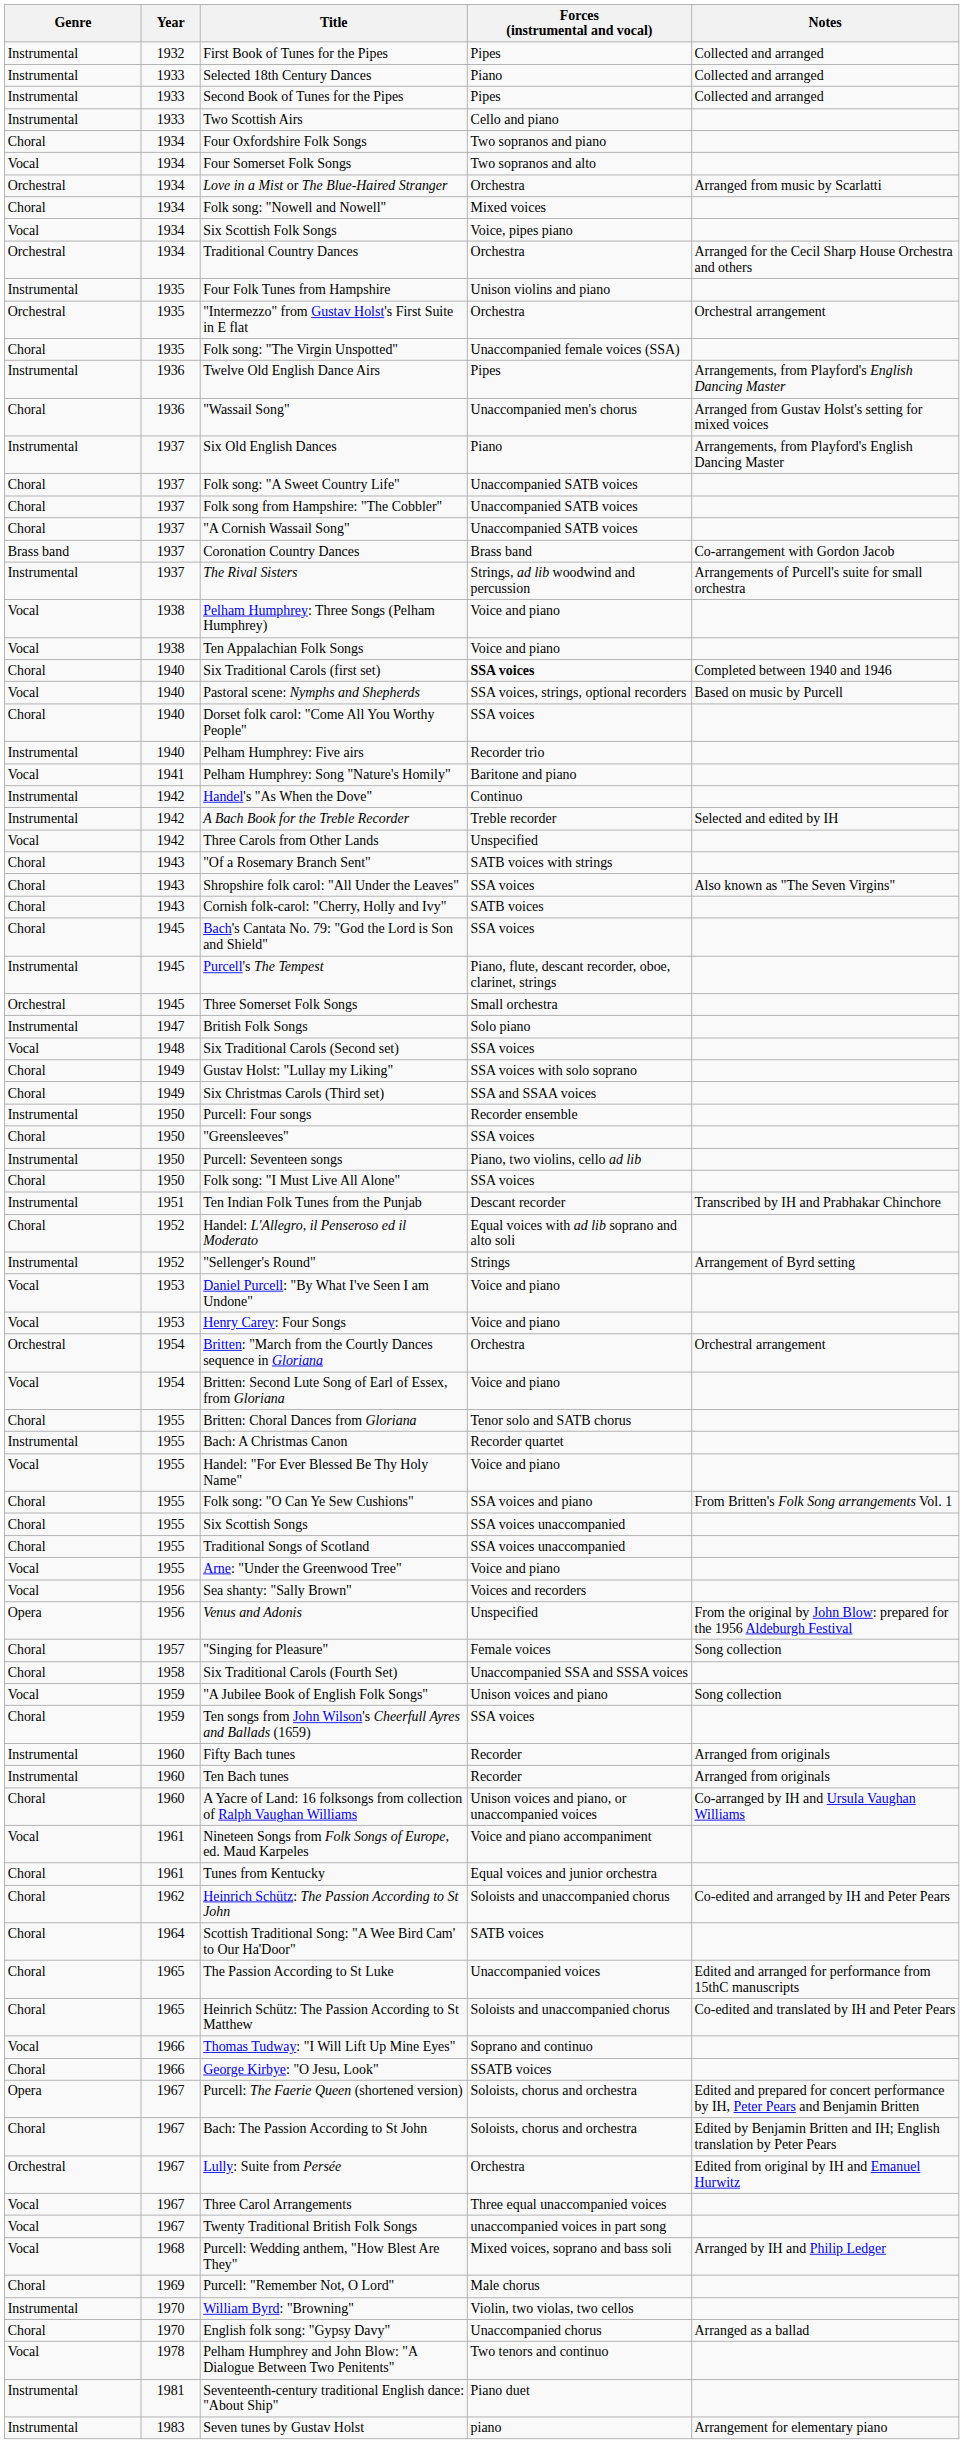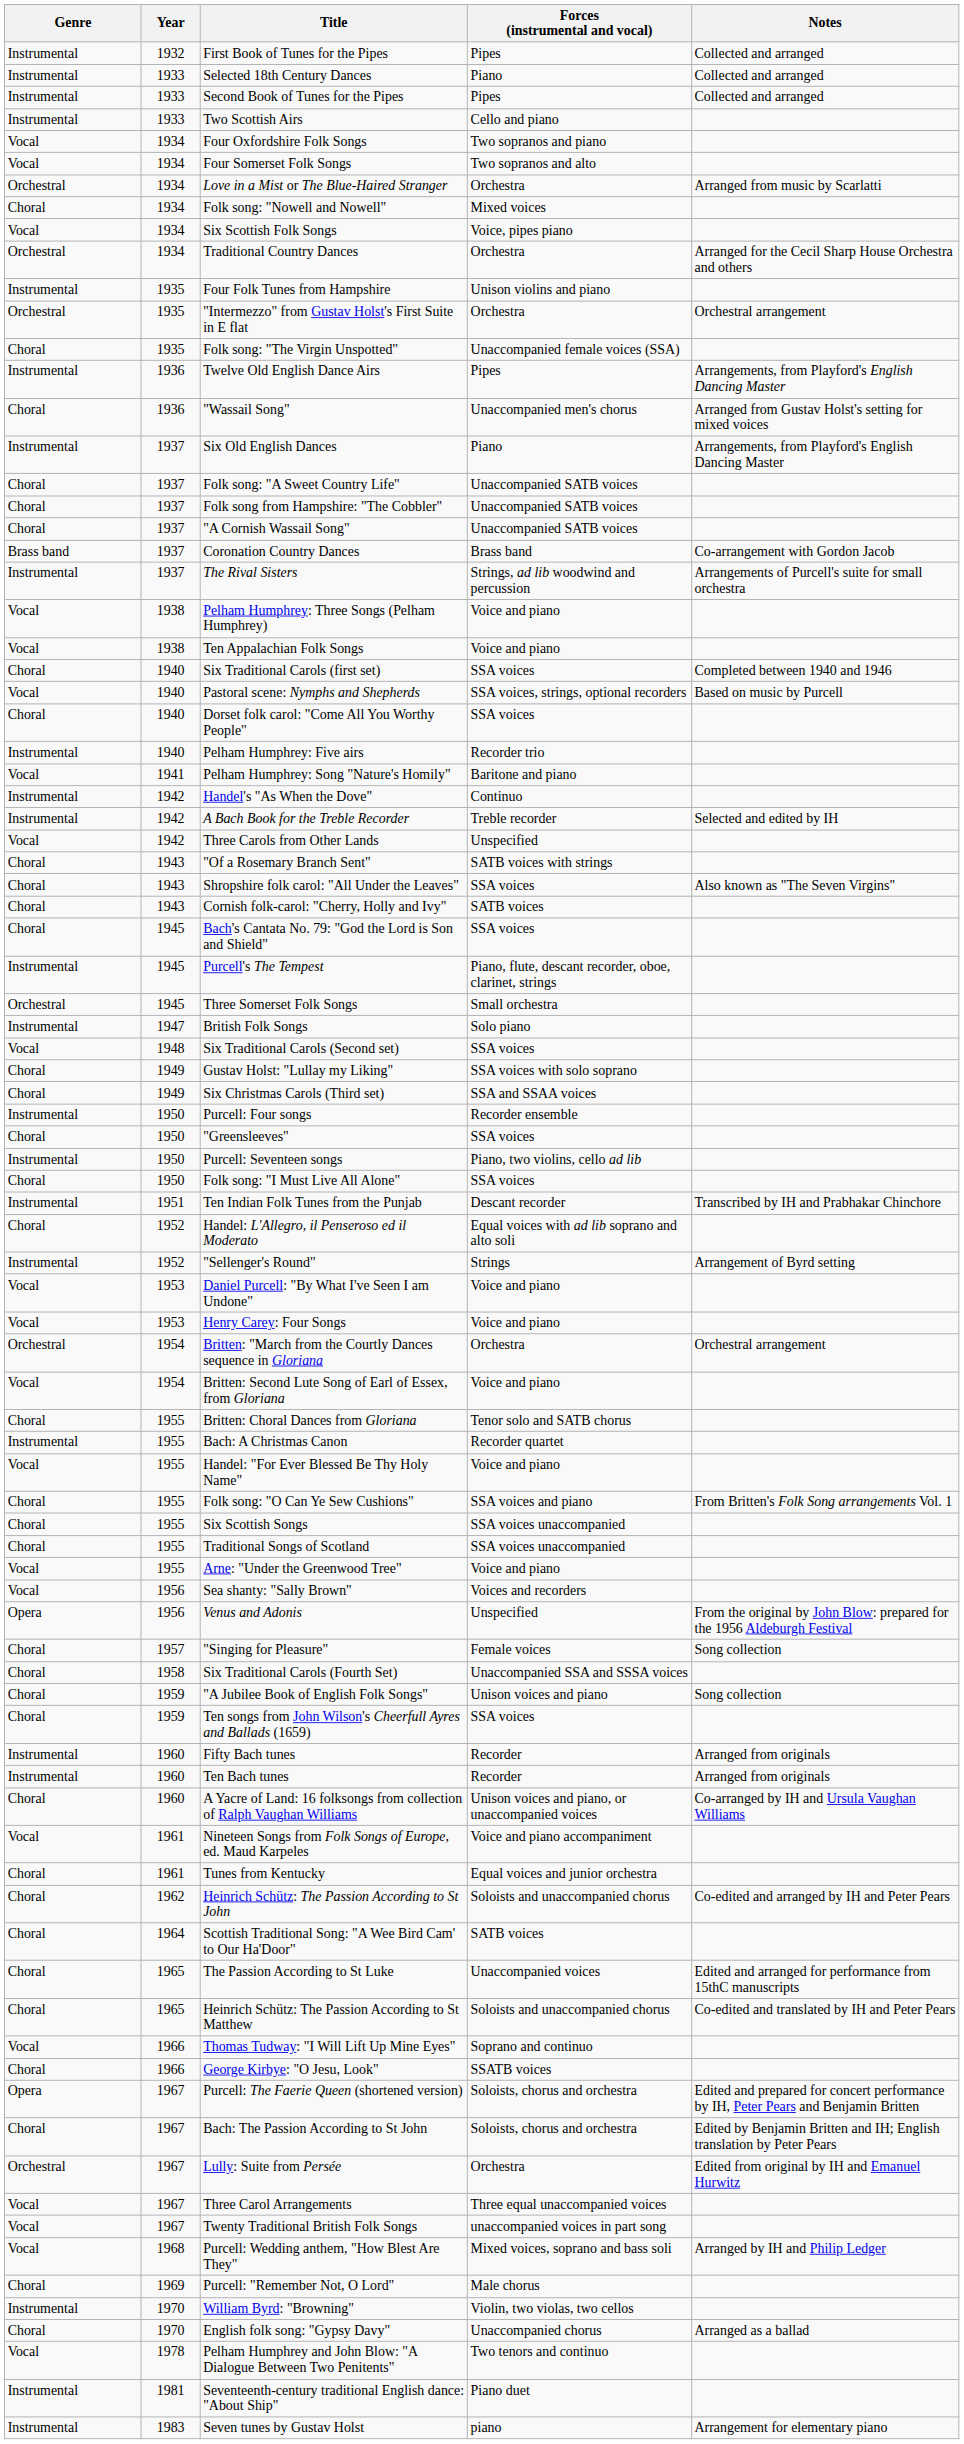 <table class="sortable wikitable" style="margins:auto; width=95%;">
 <tr>
 <th width="150">Genre</th>
 <th width="60">Year</th>
 <th width="300">Title</th>
 <th width="250">Forces<br>(instrumental and vocal)</th>
 <th width="300">Notes</th>
 </tr>
 <tr valign="top">
 <td>Instrumental</td>
 <td align=center>1932</td>
 <td>First Book of Tunes for the Pipes</td>
 <td>Pipes</td>
 <td>Collected and arranged</td>
 </tr>
 <tr valign="top">
 <td>Instrumental</td>
 <td align=center>1933</td>
 <td>Selected 18th Century Dances</td>
 <td>Piano</td>
 <td>Collected and arranged</td>
 </tr>
 <tr valign="top">
 <td>Instrumental</td>
 <td align=center>1933</td>
 <td>Second Book of Tunes for the Pipes</td>
 <td>Pipes</td>
 <td>Collected and arranged</td>
 </tr>
 <tr valign="top">
 <td>Instrumental</td>
 <td align=center>1933</td>
 <td>Two Scottish Airs</td>
 <td>Cello and piano</td>
 <td></td>
 </tr>
 <tr valign="top">
-<td>Choral</td>
+<td>Vocal</td>
 <td align=center>1934</td>
 <td>Four Oxfordshire Folk Songs</td>
 <td>Two sopranos and piano</td>
 <td></td>
 </tr>
 <tr valign="top">
 <td>Vocal</td>
 <td align=center>1934</td>
 <td>Four Somerset Folk Songs</td>
 <td>Two sopranos and alto</td>
 <td></td>
 </tr>
 <tr valign="top">
 <td>Orchestral</td>
 <td align=center>1934</td>
 <td><em>Love in a Mist</em> or <em>The Blue-Haired Stranger</em></td>
 <td>Orchestra</td>
 <td>Arranged from music by Scarlatti</td>
 </tr>
 <tr valign="top">
 <td>Choral</td>
 <td align=center>1934</td>
 <td>Folk song: "Nowell and Nowell"</td>
 <td>Mixed voices</td>
 <td></td>
 </tr>
 <tr valign="top">
 <td>Vocal</td>
 <td align=center>1934</td>
 <td>Six Scottish Folk Songs</td>
 <td>Voice, pipes piano</td>
 <td></td>
 </tr>
 <tr valign="top">
 <td>Orchestral</td>
 <td align=center>1934</td>
 <td>Traditional Country Dances</td>
 <td>Orchestra</td>
 <td>Arranged for the Cecil Sharp House Orchestra and others</td>
 </tr>
 <tr valign="top">
 <td>Instrumental</td>
 <td align=center>1935</td>
 <td>Four Folk Tunes from Hampshire</td>
 <td>Unison violins and piano</td>
 <td></td>
 </tr>
 <tr valign="top">
 <td>Orchestral</td>
 <td align=center>1935</td>
 <td>"Intermezzo" from <a href='#'>Gustav Holst</a>'s First Suite in E flat</td>
 <td>Orchestra</td>
 <td>Orchestral arrangement</td>
 </tr>
 <tr valign="top">
 <td>Choral</td>
 <td align=center>1935</td>
 <td>Folk song: "The Virgin Unspotted"</td>
 <td>Unaccompanied female voices (SSA)</td>
 <td></td>
 </tr>
 <tr valign="top">
 <td>Instrumental</td>
 <td align=center>1936</td>
 <td>Twelve Old English Dance Airs</td>
 <td>Pipes</td>
 <td>Arrangements, from Playford's <em>English Dancing Master</em></td>
 </tr>
 <tr valign="top">
 <td>Choral</td>
 <td align=center>1936</td>
 <td>"Wassail Song"</td>
 <td>Unaccompanied men's chorus</td>
 <td>Arranged from Gustav Holst's setting for mixed voices</td>
 </tr>
 <tr valign="top">
 <td>Instrumental</td>
 <td align=center>1937</td>
 <td>Six Old English Dances</td>
 <td>Piano</td>
 <td>Arrangements, from Playford's English Dancing Master</td>
 </tr>
 <tr valign="top">
 <td>Choral</td>
 <td align=center>1937</td>
 <td>Folk song: "A Sweet Country Life"</td>
 <td>Unaccompanied SATB voices</td>
 <td></td>
 </tr>
 <tr valign="top">
 <td>Choral</td>
 <td align=center>1937</td>
 <td>Folk song from Hampshire: "The Cobbler"</td>
 <td>Unaccompanied SATB voices</td>
 <td></td>
 </tr>
 <tr valign="top">
 <td>Choral</td>
 <td align=center>1937</td>
 <td>"A Cornish Wassail Song"</td>
 <td>Unaccompanied SATB voices</td>
 <td></td>
 </tr>
 <tr valign="top">
 <td>Brass band</td>
 <td align=center>1937</td>
 <td>Coronation Country Dances</td>
 <td>Brass band</td>
 <td>Co-arrangement with Gordon Jacob</td>
 </tr>
 <tr valign="top">
 <td>Instrumental</td>
 <td align=center>1937</td>
 <td><em>The Rival Sisters</em></td>
 <td>Strings, <em>ad lib</em> woodwind and percussion</td>
 <td>Arrangements of Purcell's suite for small orchestra</td>
 </tr>
 <tr valign="top">
 <td>Vocal</td>
 <td align=center>1938</td>
 <td><a href='#'>Pelham Humphrey</a>: Three Songs (Pelham Humphrey)</td>
 <td>Voice and piano</td>
 <td></td>
 </tr>
 <tr valign="top">
 <td>Vocal</td>
 <td align=center>1938</td>
 <td>Ten Appalachian Folk Songs</td>
 <td>Voice and piano</td>
 <td></td>
 </tr>
 <tr valign="top">
 <td>Choral</td>
 <td align=center>1940</td>
 <td>Six Traditional Carols (first set)</td>
-<td><strong>SSA voices</strong></td>
+<td>SSA voices</td>
 <td>Completed between 1940 and 1946</td>
 </tr>
 <tr valign="top">
 <td>Vocal</td>
 <td align=center>1940</td>
 <td>Pastoral scene: <em>Nymphs and Shepherds</em></td>
 <td>SSA voices, strings, optional recorders</td>
 <td>Based on music by Purcell</td>
 </tr>
 <tr valign="top">
 <td>Choral</td>
 <td align=center>1940</td>
 <td>Dorset folk carol: "Come All You Worthy People"</td>
 <td>SSA voices</td>
 <td></td>
 </tr>
 <tr valign="top">
 <td>Instrumental</td>
 <td align=center>1940</td>
 <td>Pelham Humphrey: Five airs</td>
 <td>Recorder trio</td>
 <td></td>
 </tr>
 <tr valign="top">
 <td>Vocal</td>
 <td align=center>1941</td>
 <td>Pelham Humphrey: Song "Nature's Homily"</td>
 <td>Baritone and piano</td>
 <td></td>
 </tr>
 <tr valign="top">
 <td>Instrumental</td>
 <td align=center>1942</td>
 <td><a href='#'>Handel</a>'s "As When the Dove"</td>
 <td>Continuo</td>
 <td></td>
 </tr>
 <tr valign="top">
 <td>Instrumental</td>
 <td align=center>1942</td>
 <td><em>A Bach Book for the Treble Recorder</em></td>
 <td>Treble recorder</td>
 <td>Selected and edited by IH</td>
 </tr>
 <tr valign="top">
 <td>Vocal</td>
 <td align=center>1942</td>
 <td>Three Carols from Other Lands</td>
 <td>Unspecified</td>
 <td></td>
 </tr>
 <tr valign="top">
 <td>Choral</td>
 <td align=center>1943</td>
 <td>"Of a Rosemary Branch Sent"</td>
 <td>SATB voices with strings</td>
 <td></td>
 </tr>
 <tr valign="top">
 <td>Choral</td>
 <td align=center>1943</td>
 <td>Shropshire folk carol: "All Under the Leaves"</td>
 <td>SSA voices</td>
 <td>Also known as "The Seven Virgins"</td>
 </tr>
 <tr valign="top">
 <td>Choral</td>
 <td align=center>1943</td>
 <td>Cornish folk-carol: "Cherry, Holly and Ivy"</td>
 <td>SATB voices</td>
 <td></td>
 </tr>
 <tr valign="top">
 <td>Choral</td>
 <td align=center>1945</td>
 <td><a href='#'>Bach</a>'s Cantata No. 79: "God the Lord is Son and Shield"</td>
 <td>SSA voices</td>
 <td></td>
 </tr>
 <tr valign="top">
 <td>Instrumental</td>
 <td align=center>1945</td>
 <td><a href='#'>Purcell</a>'s <em>The Tempest</em></td>
 <td>Piano, flute, descant recorder, oboe, clarinet, strings</td>
 <td></td>
 </tr>
 <tr valign="top">
 <td>Orchestral</td>
 <td align=center>1945</td>
 <td>Three Somerset Folk Songs</td>
 <td>Small orchestra</td>
 <td></td>
 </tr>
 <tr valign="top">
 <td>Instrumental</td>
 <td align=center>1947</td>
 <td>British Folk Songs</td>
 <td>Solo piano</td>
 <td></td>
 </tr>
 <tr valign="top">
 <td>Vocal</td>
 <td align=center>1948</td>
 <td>Six Traditional Carols (Second set)</td>
 <td>SSA voices</td>
 <td></td>
 </tr>
 <tr valign="top">
 <td>Choral</td>
 <td align=center>1949</td>
 <td>Gustav Holst: "Lullay my Liking"</td>
 <td>SSA voices with solo soprano</td>
 <td></td>
 </tr>
 <tr valign="top">
 <td>Choral</td>
 <td align=center>1949</td>
 <td>Six Christmas Carols (Third set)</td>
 <td>SSA and SSAA voices</td>
 <td></td>
 </tr>
 <tr valign="top">
 <td>Instrumental</td>
 <td align=center>1950</td>
 <td>Purcell: Four songs</td>
 <td>Recorder ensemble</td>
 <td></td>
 </tr>
 <tr valign="top">
 <td>Choral</td>
 <td align=center>1950</td>
 <td>"Greensleeves"</td>
 <td>SSA voices</td>
 <td></td>
 </tr>
 <tr valign="top">
 <td>Instrumental</td>
 <td align=center>1950</td>
 <td>Purcell: Seventeen  songs</td>
 <td>Piano, two violins, cello <em>ad lib</em></td>
 <td></td>
 </tr>
 <tr valign="top">
 <td>Choral</td>
 <td align=center>1950</td>
 <td>Folk song: "I Must Live All Alone"</td>
 <td>SSA voices</td>
 <td></td>
 </tr>
 <tr valign="top">
 <td>Instrumental</td>
 <td align=center>1951</td>
 <td>Ten Indian Folk Tunes from the Punjab</td>
 <td>Descant recorder</td>
 <td>Transcribed by IH and Prabhakar Chinchore</td>
 </tr>
 <tr valign="top">
 <td>Choral</td>
 <td align=center>1952</td>
 <td>Handel: <em>L'Allegro, il Penseroso ed il Moderato</em></td>
 <td>Equal voices with <em>ad lib</em> soprano and alto soli</td>
 <td></td>
 </tr>
 <tr valign="top">
 <td>Instrumental</td>
 <td align=center>1952</td>
 <td>"Sellenger's Round"</td>
 <td>Strings</td>
 <td>Arrangement of Byrd setting</td>
 </tr>
 <tr valign="top">
 <td>Vocal</td>
 <td align=center>1953</td>
 <td><a href='#'>Daniel Purcell</a>: "By What I've Seen I am Undone"</td>
 <td>Voice and piano</td>
 <td></td>
 </tr>
 <tr valign="top">
 <td>Vocal</td>
 <td align=center>1953</td>
 <td><a href='#'>Henry Carey</a>: Four Songs</td>
 <td>Voice and piano</td>
 <td></td>
 </tr>
 <tr valign="top">
 <td>Orchestral</td>
 <td align=center>1954</td>
 <td><a href='#'>Britten</a>: "March from the Courtly Dances sequence in <em><a href='#'>Gloriana</a></em></td>
 <td>Orchestra</td>
 <td>Orchestral arrangement</td>
 </tr>
 <tr valign="top">
 <td>Vocal</td>
 <td align=center>1954</td>
 <td>Britten: Second Lute Song of  Earl of Essex, from <em>Gloriana</em></td>
 <td>Voice and  piano</td>
 <td></td>
 </tr>
 <tr valign="top">
 <td>Choral</td>
 <td align=center>1955</td>
 <td>Britten: Choral Dances from <em>Gloriana</em></td>
 <td>Tenor solo and SATB chorus</td>
 <td></td>
 </tr>
 <tr valign="top">
 <td>Instrumental</td>
 <td align=center>1955</td>
 <td>Bach: A Christmas Canon</td>
 <td>Recorder quartet</td>
 <td></td>
 </tr>
 <tr valign="top">
 <td>Vocal</td>
 <td align=center>1955</td>
 <td>Handel: "For Ever Blessed Be Thy Holy Name"</td>
 <td>Voice and  piano</td>
 <td></td>
 </tr>
 <tr valign="top">
 <td>Choral</td>
 <td align=center>1955</td>
 <td>Folk song: "O Can Ye Sew Cushions"</td>
 <td>SSA voices and  piano</td>
 <td>From Britten's <em>Folk Song arrangements</em> Vol. 1</td>
 </tr>
 <tr valign="top">
 <td>Choral</td>
 <td align=center>1955</td>
 <td>Six Scottish Songs</td>
 <td>SSA voices unaccompanied</td>
 <td></td>
 </tr>
 <tr valign="top">
 <td>Choral</td>
 <td align=center>1955</td>
 <td>Traditional Songs of Scotland</td>
 <td>SSA voices unaccompanied</td>
 <td></td>
 </tr>
 <tr valign="top">
 <td>Vocal</td>
 <td align=center>1955</td>
 <td><a href='#'>Arne</a>: "Under the Greenwood Tree"</td>
 <td>Voice and  piano</td>
 <td></td>
 </tr>
 <tr valign="top">
 <td>Vocal</td>
 <td align=center>1956</td>
 <td>Sea shanty: "Sally Brown"</td>
 <td>Voices and  recorders</td>
 <td></td>
 </tr>
 <tr valign="top">
 <td>Opera</td>
 <td align=center>1956</td>
 <td><em>Venus and Adonis</em></td>
 <td>Unspecified</td>
 <td>From the original by <a href='#'>John Blow</a>: prepared for the 1956 <a href='#'>Aldeburgh Festival</a></td>
 </tr>
 <tr valign="top">
 <td>Choral</td>
 <td align=center>1957</td>
 <td>"Singing for Pleasure"</td>
 <td>Female voices</td>
 <td>Song collection</td>
 </tr>
 <tr valign="top">
 <td>Choral</td>
 <td align=center>1958</td>
 <td>Six Traditional Carols (Fourth Set)</td>
 <td>Unaccompanied SSA and SSSA voices</td>
 <td></td>
 </tr>
 <tr valign="top">
-<td>Vocal</td>
+<td>Choral</td>
 <td align=center>1959</td>
 <td>"A Jubilee Book of English Folk Songs"</td>
 <td>Unison voices and piano</td>
 <td>Song collection</td>
 </tr>
 <tr valign="top">
 <td>Choral</td>
 <td align=center>1959</td>
 <td>Ten songs from <a href='#'>John Wilson</a>'s <em>Cheerfull Ayres and Ballads</em> (1659)</td>
 <td>SSA voices</td>
 <td></td>
 </tr>
 <tr valign="top">
 <td>Instrumental</td>
 <td align=center>1960</td>
 <td>Fifty Bach tunes</td>
 <td>Recorder</td>
 <td>Arranged from originals</td>
 </tr>
 <tr valign="top">
 <td>Instrumental</td>
 <td align=center>1960</td>
 <td>Ten Bach tunes</td>
 <td>Recorder</td>
 <td>Arranged from originals</td>
 </tr>
 <tr valign="top">
 <td>Choral</td>
 <td align=center>1960</td>
 <td>A Yacre of Land: 16 folksongs from collection of <a href='#'>Ralph Vaughan Williams</a></td>
 <td>Unison voices and piano, or unaccompanied voices</td>
 <td>Co-arranged by IH and <a href='#'>Ursula Vaughan Williams</a></td>
 </tr>
 <tr valign="top">
 <td>Vocal</td>
 <td align=center>1961</td>
 <td>Nineteen Songs from <em>Folk Songs of Europe</em>, ed. Maud Karpeles</td>
 <td>Voice and piano accompaniment</td>
 <td></td>
 </tr>
 <tr valign="top">
 <td>Choral</td>
 <td align=center>1961</td>
 <td>Tunes from Kentucky</td>
 <td>Equal voices and junior orchestra</td>
 <td></td>
 </tr>
 <tr valign="top">
 <td>Choral</td>
 <td align=center>1962</td>
 <td><a href='#'>Heinrich Schütz</a>: <em>The Passion According to St John</em></td>
 <td>Soloists and unaccompanied chorus</td>
 <td>Co-edited and arranged by IH and Peter Pears</td>
 </tr>
 <tr valign="top">
 <td>Choral</td>
 <td align=center>1964</td>
 <td>Scottish Traditional Song: "A Wee Bird Cam' to Our Ha'Door"</td>
 <td>SATB voices</td>
 <td></td>
 </tr>
 <tr valign="top">
 <td>Choral</td>
 <td align=center>1965</td>
 <td>The Passion According to St Luke</td>
 <td>Unaccompanied voices</td>
 <td>Edited and arranged for performance from 15thC manuscripts</td>
 </tr>
 <tr valign="top">
 <td>Choral</td>
 <td align=center>1965</td>
 <td>Heinrich Schütz: The Passion According to St Matthew</td>
 <td>Soloists and unaccompanied chorus</td>
 <td>Co-edited and translated by IH and Peter Pears</td>
 </tr>
 <tr valign="top">
 <td>Vocal</td>
 <td align=center>1966</td>
 <td><a href='#'>Thomas Tudway</a>: "I Will Lift Up Mine Eyes"</td>
 <td>Soprano and continuo</td>
 <td></td>
 </tr>
 <tr valign="top">
 <td>Choral</td>
 <td align=center>1966</td>
 <td><a href='#'>George Kirbye</a>: "O Jesu, Look"</td>
 <td>SSATB voices</td>
 <td></td>
 </tr>
 <tr valign="top">
 <td>Opera</td>
 <td align=center>1967</td>
 <td>Purcell: <em>The Faerie Queen</em> (shortened version)</td>
 <td>Soloists, chorus and orchestra</td>
 <td>Edited and prepared for concert performance by IH, <a href='#'>Peter Pears</a> and Benjamin Britten</td>
 </tr>
 <tr valign="top">
 <td>Choral</td>
 <td align=center>1967</td>
 <td>Bach: The Passion According to St John</td>
 <td>Soloists, chorus and orchestra</td>
 <td>Edited by Benjamin Britten and IH; English translation by Peter Pears</td>
 </tr>
 <tr valign="top">
 <td>Orchestral</td>
 <td align=center>1967</td>
 <td><a href='#'>Lully</a>: Suite from <em>Persée</em></td>
 <td>Orchestra</td>
 <td>Edited from original by IH and <a href='#'>Emanuel Hurwitz</a></td>
 </tr>
 <tr valign="top">
 <td>Vocal</td>
 <td align=center>1967</td>
 <td>Three Carol Arrangements</td>
 <td>Three equal unaccompanied voices</td>
 <td></td>
 </tr>
 <tr valign="top">
 <td>Vocal</td>
 <td align=center>1967</td>
 <td>Twenty Traditional British Folk Songs</td>
 <td>unaccompanied voices in part song</td>
 <td></td>
 </tr>
 <tr valign="top">
 <td>Vocal</td>
 <td align=center>1968</td>
 <td>Purcell: Wedding anthem, "How Blest Are They"</td>
 <td>Mixed voices, soprano and bass soli</td>
 <td>Arranged by IH and <a href='#'>Philip Ledger</a></td>
 </tr>
 <tr valign="top">
 <td>Choral</td>
 <td align=center>1969</td>
 <td>Purcell: "Remember Not, O Lord"</td>
 <td>Male chorus</td>
 <td></td>
 </tr>
 <tr valign="top">
 <td>Instrumental</td>
 <td align=center>1970</td>
 <td><a href='#'>William Byrd</a>: "Browning"</td>
 <td>Violin, two violas, two cellos</td>
 <td></td>
 </tr>
 <tr valign="top">
 <td>Choral</td>
 <td align=center>1970</td>
 <td>English folk song: "Gypsy Davy"</td>
 <td>Unaccompanied chorus</td>
 <td>Arranged as a ballad</td>
 </tr>
 <tr valign="top">
 <td>Vocal</td>
 <td align=center>1978</td>
 <td>Pelham Humphrey and John Blow: "A Dialogue Between Two Penitents"</td>
 <td>Two tenors and continuo</td>
 <td></td>
 </tr>
 <tr valign="top">
 <td>Instrumental</td>
 <td align=center>1981</td>
 <td>Seventeenth-century traditional English dance: "About Ship"</td>
 <td>Piano duet</td>
 <td></td>
 </tr>
 <tr valign="top">
 <td>Instrumental</td>
 <td align=center>1983</td>
 <td>Seven tunes by Gustav Holst</td>
 <td>piano</td>
 <td>Arrangement for elementary piano</td>
 </tr>
 </table>
